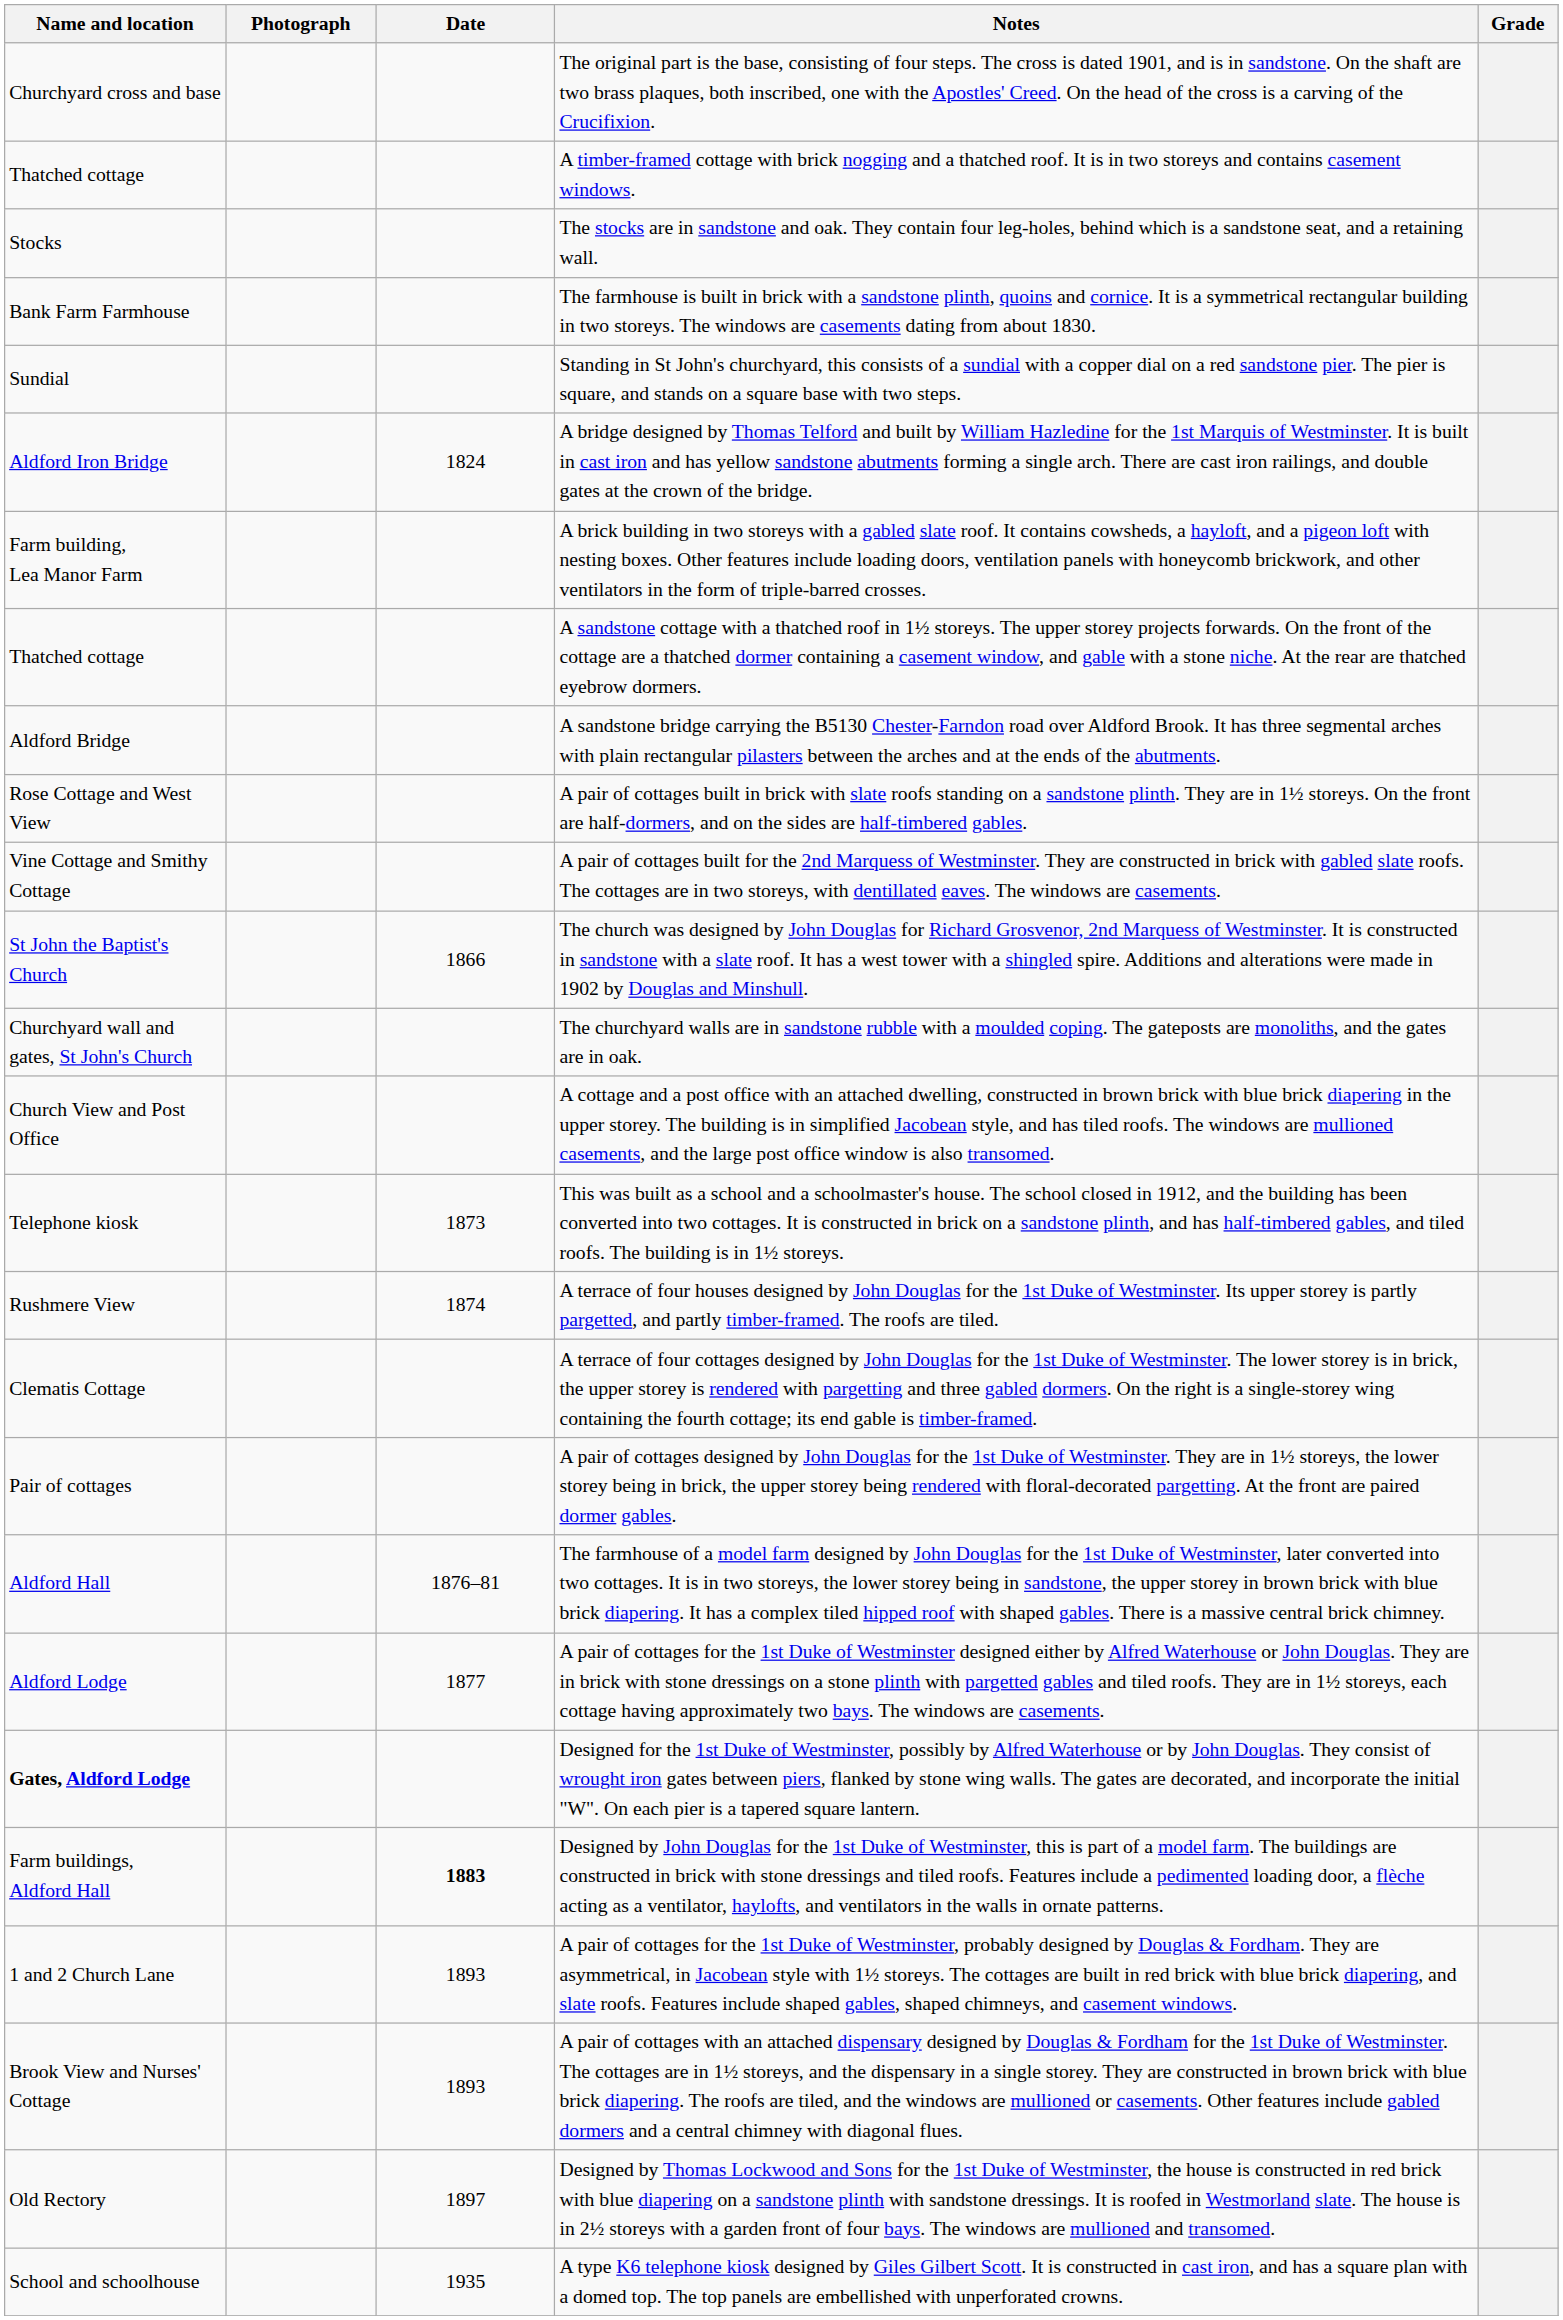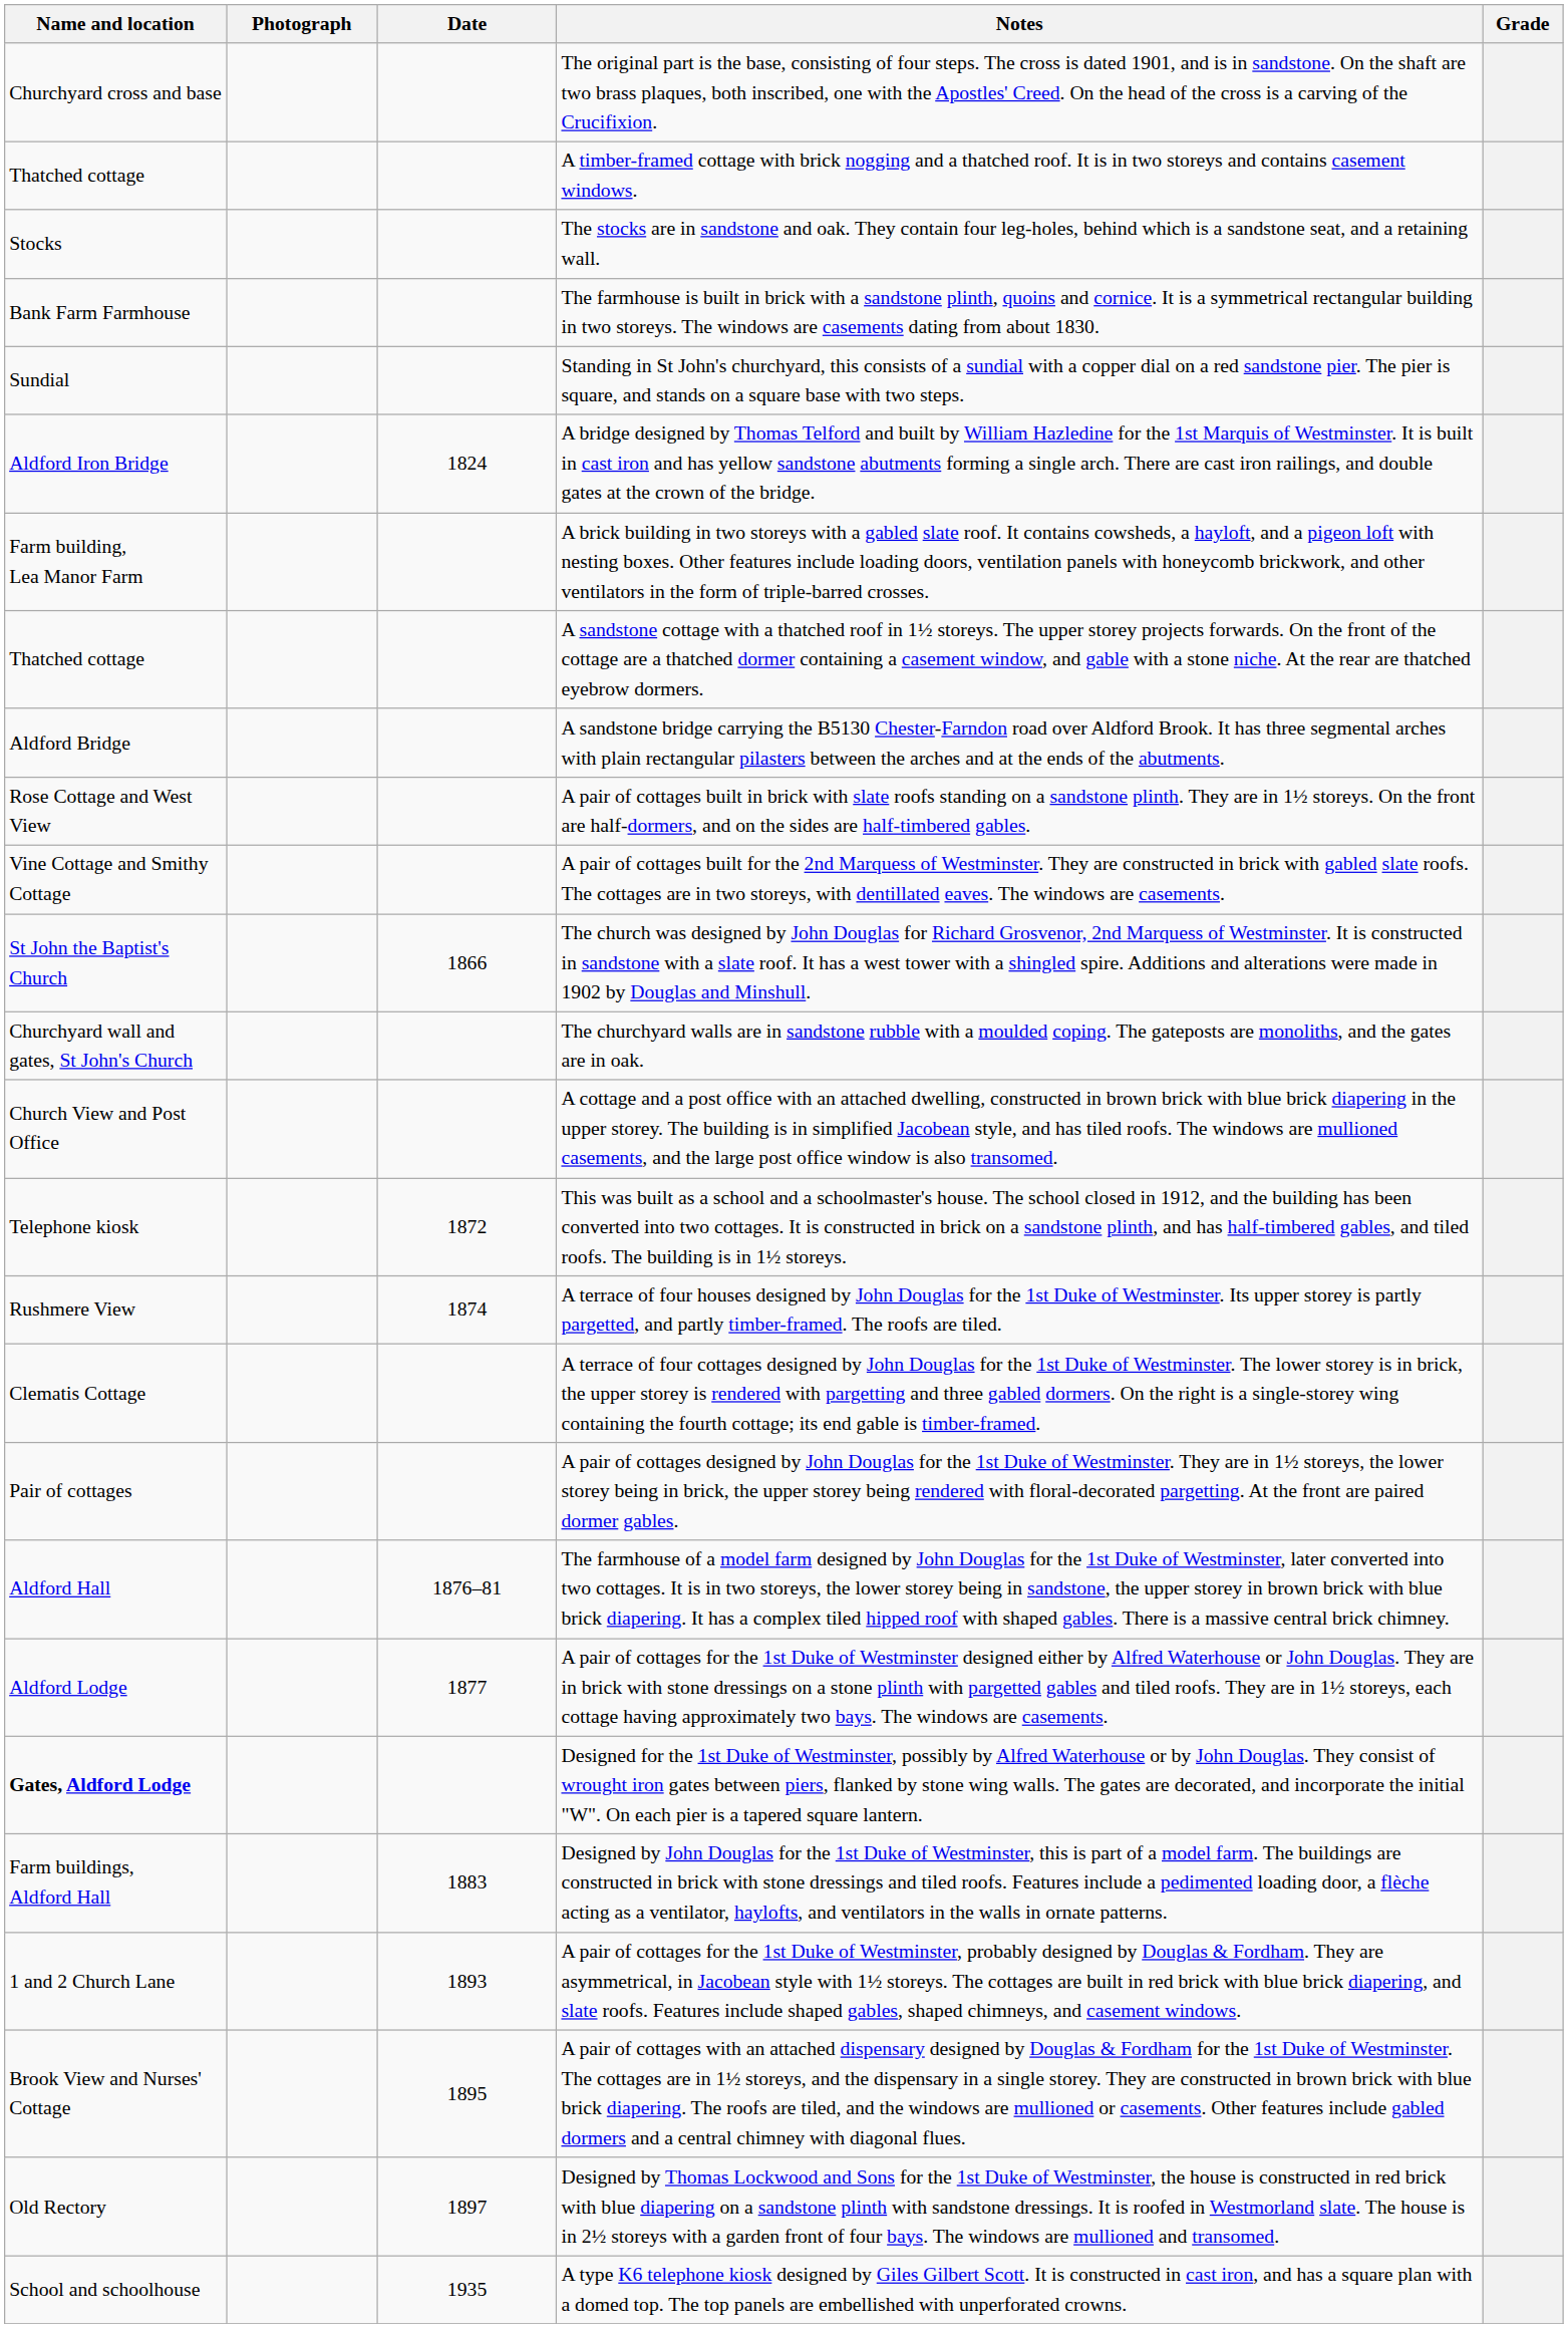 <table class="wikitable sortable plainrowheaders" style="width:100%;border:0px;text-align:left;line-height:150%;">
 <tr>
 <th scope="col" style="width:150px">Name and location</th>
 <th scope="col" style="width:100px" class="unsortable">Photograph</th>
 <th scope="col" style="width:120px">Date</th>
 <th scope="col" style="width:650px" class="unsortable">Notes</th>
 <th scope="col" style="width:50px">Grade</th>
 </tr>
 <tr>
 <td>Churchyard cross and base<br><small></small></td>
 <td></td>
 <td align="center"></td>
 <td>The original part is the base, consisting of four steps. The cross is dated 1901, and is in <a href='#'>sandstone</a>. On the shaft are two brass plaques, both inscribed, one with the <a href='#'>Apostles' Creed</a>. On the head of the cross is a carving of the <a href='#'>Crucifixion</a>.</td>
 <th></th>
 </tr>
 <tr>
 <td>Thatched cottage<br><small></small></td>
 <td></td>
 <td align="center"></td>
 <td>A <a href='#'>timber-framed</a> cottage with brick <a href='#'>nogging</a> and a thatched roof. It is in two storeys and contains <a href='#'>casement windows</a>.</td>
 <th></th>
 </tr>
 <tr>
 <td>Stocks<br><small></small></td>
 <td></td>
 <td align="center"></td>
 <td>The <a href='#'>stocks</a> are in <a href='#'>sandstone</a> and oak. They contain four leg-holes, behind which is a sandstone seat, and a retaining wall.</td>
 <th></th>
 </tr>
 <tr>
 <td>Bank Farm Farmhouse<br><small></small></td>
 <td></td>
 <td align="center"></td>
 <td>The farmhouse is built in brick with a <a href='#'>sandstone</a> <a href='#'>plinth</a>, <a href='#'>quoins</a> and <a href='#'>cornice</a>. It is a symmetrical rectangular building in two storeys. The windows are <a href='#'>casements</a> dating from about 1830.</td>
 <th></th>
 </tr>
 <tr>
 <td>Sundial<br><small></small></td>
 <td></td>
 <td align="center"></td>
 <td>Standing in St John's churchyard, this consists of a <a href='#'>sundial</a> with a copper dial on a red <a href='#'>sandstone</a> <a href='#'>pier</a>. The pier is square, and stands on a square base with two steps.</td>
 <th></th>
 </tr>
 <tr>
 <td><a href='#'>Aldford Iron Bridge</a><br><small></small></td>
 <td></td>
 <td align="center">1824</td>
 <td>A bridge designed by <a href='#'>Thomas Telford</a> and built by <a href='#'>William Hazledine</a> for the <a href='#'>1st Marquis of Westminster</a>. It is built in <a href='#'>cast iron</a> and has yellow <a href='#'>sandstone</a> <a href='#'>abutments</a> forming a single arch. There are cast iron railings, and double gates at the crown of the bridge.</td>
 <th></th>
 </tr>
 <tr>
 <td>Farm building,<br>Lea Manor Farm<br><small></small></td>
 <td></td>
 <td align="center"></td>
 <td>A brick building in two storeys with a <a href='#'>gabled</a> <a href='#'>slate</a> roof. It contains cowsheds, a <a href='#'>hayloft</a>, and a <a href='#'>pigeon loft</a> with nesting boxes. Other features include loading doors, ventilation panels with honeycomb brickwork, and other ventilators in the form of triple-barred crosses.</td>
 <th></th>
 </tr>
 <tr>
 <td>Thatched cottage<br><small></small></td>
 <td></td>
 <td align="center"></td>
 <td>A <a href='#'>sandstone</a> cottage with a thatched roof in 1½ storeys. The upper storey projects forwards. On the front of the cottage are a thatched <a href='#'>dormer</a> containing a <a href='#'>casement window</a>, and <a href='#'>gable</a> with a stone <a href='#'>niche</a>. At the rear are thatched eyebrow dormers.</td>
 <th></th>
 </tr>
 <tr>
 <td>Aldford Bridge<br><small></small></td>
 <td></td>
 <td align="center"></td>
 <td>A sandstone bridge carrying the B5130 <a href='#'>Chester</a>-<a href='#'>Farndon</a> road over Aldford Brook. It has three segmental arches with plain rectangular <a href='#'>pilasters</a> between the arches and at the ends of the <a href='#'>abutments</a>.</td>
 <th></th>
 </tr>
 <tr>
 <td>Rose Cottage and West View<br><small></small></td>
 <td></td>
 <td align="center"></td>
 <td>A pair of cottages built in brick with <a href='#'>slate</a> roofs standing on a <a href='#'>sandstone</a> <a href='#'>plinth</a>. They are in 1½ storeys. On the front are half-<a href='#'>dormers</a>, and on the sides are <a href='#'>half-timbered</a> <a href='#'>gables</a>.</td>
 <th></th>
 </tr>
 <tr>
 <td>Vine Cottage and Smithy Cottage<br><small></small></td>
 <td></td>
 <td align="center"></td>
 <td>A pair of cottages built for the <a href='#'>2nd Marquess of Westminster</a>. They are constructed in brick with <a href='#'>gabled</a> <a href='#'>slate</a> roofs. The cottages are in two storeys, with <a href='#'>dentillated</a> <a href='#'>eaves</a>. The windows are <a href='#'>casements</a>.</td>
 <th></th>
 </tr>
 <tr>
 <td><a href='#'>St John the Baptist's Church</a><br><small></small></td>
 <td></td>
 <td align="center">1866</td>
 <td>The church was designed by <a href='#'>John Douglas</a> for <a href='#'>Richard Grosvenor, 2nd Marquess of Westminster</a>. It is constructed in <a href='#'>sandstone</a> with a <a href='#'>slate</a> roof. It has a west tower with a <a href='#'>shingled</a> spire. Additions and alterations were made in 1902 by <a href='#'>Douglas and Minshull</a>.</td>
 <th></th>
 </tr>
 <tr>
 <td>Churchyard wall and gates, <a href='#'>St John's Church</a><br><small></small></td>
 <td></td>
 <td align="center"></td>
 <td>The churchyard walls are in <a href='#'>sandstone</a> <a href='#'>rubble</a> with a <a href='#'>moulded</a> <a href='#'>coping</a>. The gateposts are <a href='#'>monoliths</a>, and the gates are in oak.</td>
 <th></th>
 </tr>
 <tr>
 <td>Church View and Post Office<br><small></small></td>
 <td></td>
 <td align="center"></td>
 <td>A cottage and a post office with an attached dwelling, constructed in brown brick with blue brick <a href='#'>diapering</a> in the upper storey. The building is in simplified <a href='#'>Jacobean</a> style, and has tiled roofs. The windows are <a href='#'>mullioned</a> <a href='#'>casements</a>, and the large post office window is also <a href='#'>transomed</a>.</td>
 <th></th>
 </tr>
 <tr>
 <td>Telephone kiosk<br><small></small></td>
 <td></td>
-<td align="center">1873</td>
+<td align="center">1872</td>
 <td>This was built as a school and a schoolmaster's house. The school closed in 1912, and the building has been converted into two cottages. It is constructed in brick on a <a href='#'>sandstone</a> <a href='#'>plinth</a>, and has <a href='#'>half-timbered</a> <a href='#'>gables</a>, and tiled roofs. The building is in 1½ storeys.</td>
 <th></th>
 </tr>
 <tr>
 <td>Rushmere View<br><small></small></td>
 <td></td>
 <td align="center">1874</td>
 <td>A terrace of four houses designed by <a href='#'>John Douglas</a> for the <a href='#'>1st Duke of Westminster</a>. Its upper storey is partly <a href='#'>pargetted</a>, and partly <a href='#'>timber-framed</a>. The roofs are tiled.</td>
 <th></th>
 </tr>
 <tr>
 <td>Clematis Cottage<br><small></small></td>
 <td></td>
 <td align="center"></td>
 <td>A terrace of four cottages designed by <a href='#'>John Douglas</a> for the <a href='#'>1st Duke of Westminster</a>. The lower storey is in brick, the upper storey is <a href='#'>rendered</a> with <a href='#'>pargetting</a> and three <a href='#'>gabled</a> <a href='#'>dormers</a>. On the right is a single-storey wing containing the fourth cottage; its end gable is <a href='#'>timber-framed</a>.</td>
 <th></th>
 </tr>
 <tr>
 <td>Pair of cottages<br><small></small></td>
 <td></td>
 <td align="center"></td>
 <td>A pair of cottages designed by <a href='#'>John Douglas</a> for the <a href='#'>1st Duke of Westminster</a>. They are in 1½ storeys, the lower storey being in brick, the upper storey being <a href='#'>rendered</a> with floral-decorated <a href='#'>pargetting</a>. At the front are paired <a href='#'>dormer</a> <a href='#'>gables</a>.</td>
 <th></th>
 </tr>
 <tr>
 <td><a href='#'>Aldford Hall</a><br><small></small></td>
 <td></td>
 <td align="center">1876–81</td>
 <td>The farmhouse of a <a href='#'>model farm</a> designed by <a href='#'>John Douglas</a> for the <a href='#'>1st Duke of Westminster</a>, later converted into two cottages. It is in two storeys, the lower storey being in <a href='#'>sandstone</a>, the upper storey in brown brick with blue brick <a href='#'>diapering</a>. It has a complex tiled <a href='#'>hipped roof</a> with shaped <a href='#'>gables</a>. There is a massive central brick chimney.</td>
 <th></th>
 </tr>
 <tr>
 <td><a href='#'>Aldford Lodge</a><br><small></small></td>
 <td></td>
 <td align="center">1877</td>
 <td>A pair of cottages for the <a href='#'>1st Duke of Westminster</a> designed either by <a href='#'>Alfred Waterhouse</a> or <a href='#'>John Douglas</a>. They are in brick with stone dressings on a stone <a href='#'>plinth</a> with <a href='#'>pargetted</a> <a href='#'>gables</a> and tiled roofs. They are in 1½ storeys, each cottage having approximately two <a href='#'>bays</a>. The windows are <a href='#'>casements</a>.</td>
 <th></th>
 </tr>
 <tr>
 <td><strong>Gates, <a href='#'>Aldford Lodge</a><br><small></small></strong></td>
 <td></td>
 <td align="center"></td>
 <td>Designed for the <a href='#'>1st Duke of Westminster</a>, possibly by <a href='#'>Alfred Waterhouse</a> or by <a href='#'>John Douglas</a>. They consist of <a href='#'>wrought iron</a> gates between <a href='#'>piers</a>, flanked by stone wing walls. The gates are decorated, and incorporate the initial "W". On each pier is a tapered square lantern.</td>
 <th></th>
 </tr>
 <tr>
 <td>Farm buildings,<br><a href='#'>Aldford Hall</a><br><small></small></td>
 <td></td>
-<td align="center"><strong>1883</strong></td>
+<td align="center">1883</td>
 <td>Designed by <a href='#'>John Douglas</a> for the <a href='#'>1st Duke of Westminster</a>, this is part of a <a href='#'>model farm</a>. The buildings are constructed in brick with stone dressings and tiled roofs. Features include a <a href='#'>pedimented</a> loading door, a <a href='#'>flèche</a> acting as a ventilator, <a href='#'>haylofts</a>, and ventilators in the walls in ornate patterns.</td>
 <th></th>
 </tr>
 <tr>
 <td>1 and 2 Church Lane<br><small></small></td>
 <td></td>
 <td align="center">1893</td>
 <td>A pair of cottages for the <a href='#'>1st Duke of Westminster</a>, probably designed by <a href='#'>Douglas & Fordham</a>. They are asymmetrical, in <a href='#'>Jacobean</a> style with 1½ storeys. The cottages are built in red brick with blue brick <a href='#'>diapering</a>, and <a href='#'>slate</a> roofs. Features include shaped <a href='#'>gables</a>, shaped chimneys, and <a href='#'>casement windows</a>.</td>
 <th></th>
 </tr>
 <tr>
 <td>Brook View and Nurses' Cottage<br><small></small></td>
 <td></td>
-<td align="center">1893</td>
+<td align="center">1895</td>
 <td>A pair of cottages with an attached <a href='#'>dispensary</a> designed by <a href='#'>Douglas & Fordham</a> for the <a href='#'>1st Duke of Westminster</a>. The cottages are in 1½ storeys, and the dispensary in a single storey. They are constructed in brown brick with blue brick <a href='#'>diapering</a>. The roofs are tiled, and the windows are <a href='#'>mullioned</a> or <a href='#'>casements</a>. Other features include <a href='#'>gabled</a> <a href='#'>dormers</a> and a central chimney with diagonal flues.</td>
 <th></th>
 </tr>
 <tr>
 <td>Old Rectory<br><small></small></td>
 <td></td>
 <td align="center">1897</td>
 <td>Designed by <a href='#'>Thomas Lockwood and Sons</a> for the <a href='#'>1st Duke of Westminster</a>, the house is constructed in red brick with blue <a href='#'>diapering</a> on a <a href='#'>sandstone</a> <a href='#'>plinth</a> with sandstone dressings. It is roofed in <a href='#'>Westmorland</a> <a href='#'>slate</a>. The house is in 2½ storeys with a garden front of four <a href='#'>bays</a>. The windows are <a href='#'>mullioned</a> and <a href='#'>transomed</a>.</td>
 <th></th>
 </tr>
 <tr>
 <td>School and schoolhouse<br><small></small></td>
 <td></td>
 <td align="center">1935</td>
 <td>A type <a href='#'>K6 telephone kiosk</a> designed by <a href='#'>Giles Gilbert Scott</a>. It is constructed in <a href='#'>cast iron</a>, and has a square plan with a domed top. The top panels are embellished with unperforated crowns.</td>
 <th></th>
 </tr>
 <tr>
 </tr>
 </table>
